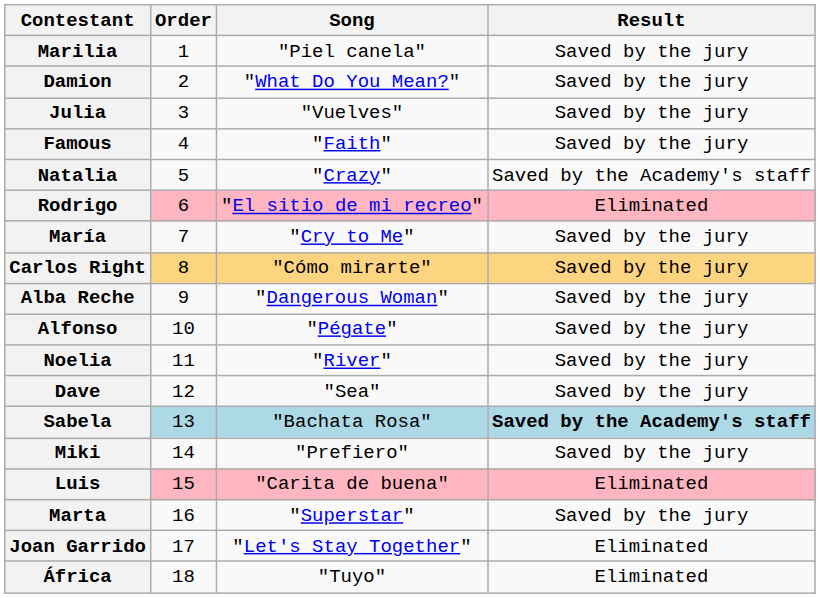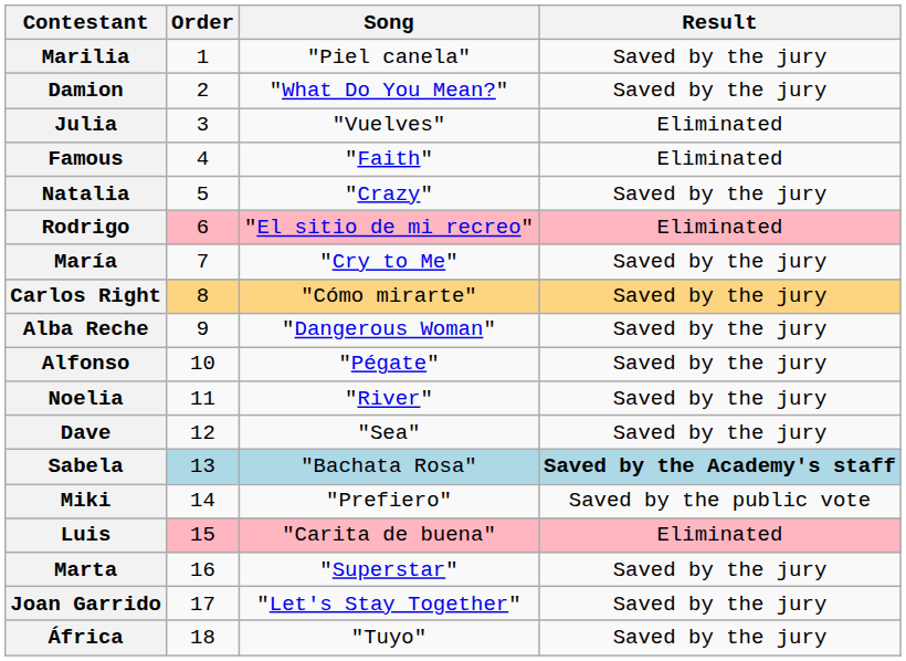 <table class="wikitable sortable plainrowheaders" style="text-align:center;">
 <tr>
 <th scope="col">Contestant</th>
 <th scope="col">Order</th>
 <th scope="col">Song</th>
 <th scope="col">Result</th>
 </tr>
 <tr>
 <th scope="row">Marilia</th>
 <td>1</td>
 <td>"Piel canela"</td>
 <td>Saved by the jury</td>
 </tr>
 <tr>
 <th scope="row">Damion</th>
 <td>2</td>
 <td>"<a href='#'>What Do You Mean?</a>"</td>
 <td>Saved by the jury</td>
 </tr>
 <tr>
 <th scope="row">Julia</th>
 <td>3</td>
 <td>"Vuelves"</td>
-<td>Saved by the jury</td>
+<td>Eliminated</td>
 </tr>
 <tr>
 <th scope="row">Famous</th>
 <td>4</td>
 <td>"<a href='#'>Faith</a>"</td>
-<td>Saved by the jury</td>
+<td>Eliminated</td>
 </tr>
 <tr>
 <th scope="row">Natalia</th>
 <td>5</td>
 <td>"<a href='#'>Crazy</a>"</td>
-<td>Saved by the Academy's staff</td>
+<td>Saved by the jury</td>
 </tr>
 <tr style="background:lightpink">
 <th scope="row">Rodrigo</th>
 <td>6</td>
 <td>"<a href='#'>El sitio de mi recreo</a>"</td>
 <td>Eliminated</td>
 </tr>
 <tr>
 <th scope="row">María</th>
 <td>7</td>
 <td>"<a href='#'>Cry to Me</a>"</td>
 <td>Saved by the jury</td>
 </tr>
 <tr style="background:#fdd581;">
 <th scope="row">Carlos Right</th>
 <td>8</td>
 <td>"Cómo mirarte"</td>
 <td>Saved by the jury</td>
 </tr>
 <tr>
 <th scope="row">Alba Reche</th>
 <td>9</td>
 <td>"<a href='#'>Dangerous Woman</a>"</td>
 <td>Saved by the jury</td>
 </tr>
 <tr>
 <th scope="row">Alfonso</th>
 <td>10</td>
 <td>"<a href='#'>Pégate</a>"</td>
 <td>Saved by the jury</td>
 </tr>
 <tr>
 <th scope="row">Noelia</th>
 <td>11</td>
 <td>"<a href='#'>River</a>"</td>
 <td>Saved by the jury</td>
 </tr>
 <tr>
 <th scope="row">Dave</th>
 <td>12</td>
 <td>"Sea"</td>
 <td>Saved by the jury</td>
 </tr>
 <tr style="background:lightblue;">
 <th scope="row">Sabela</th>
 <td>13</td>
 <td>"Bachata Rosa"</td>
 <td><strong>Saved by the Academy's staff</strong></td>
 </tr>
 <tr>
 <th scope="row">Miki</th>
 <td>14</td>
 <td>"Prefiero"</td>
-<td>Saved by the jury</td>
+<td>Saved by the public vote</td>
 </tr>
 <tr style="background:lightpink">
 <th scope="row">Luis</th>
 <td>15</td>
 <td>"Carita de buena"</td>
 <td>Eliminated</td>
 </tr>
 <tr>
 <th scope="row">Marta</th>
 <td>16</td>
 <td>"<a href='#'>Superstar</a>"</td>
 <td>Saved by the jury</td>
 </tr>
 <tr>
 <th scope="row">Joan Garrido</th>
 <td>17</td>
 <td>"<a href='#'>Let's Stay Together</a>"</td>
-<td>Eliminated</td>
+<td>Saved by the jury</td>
 </tr>
 <tr>
 <th scope="row">África</th>
 <td>18</td>
 <td>"Tuyo"</td>
-<td>Eliminated</td>
+<td>Saved by the jury</td>
 </tr>
 </table>
